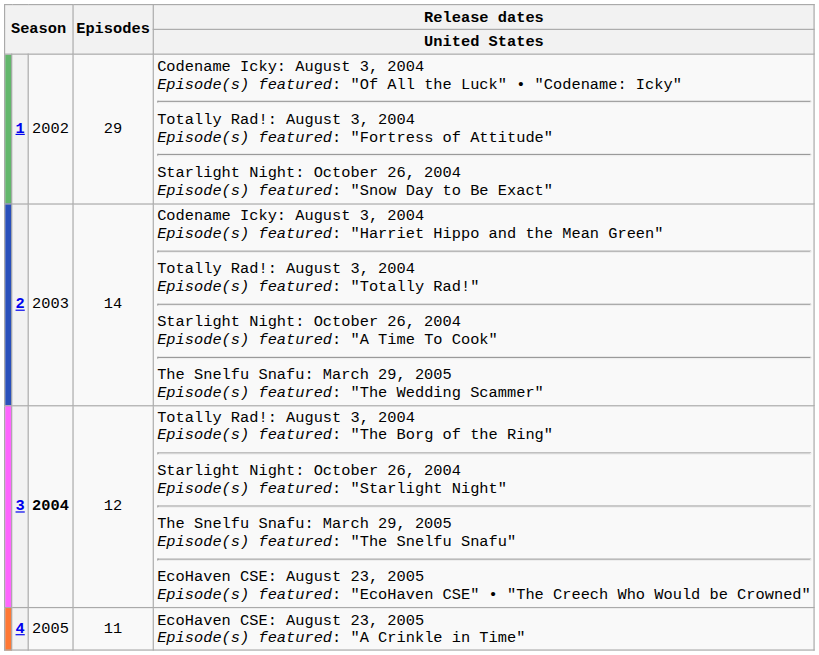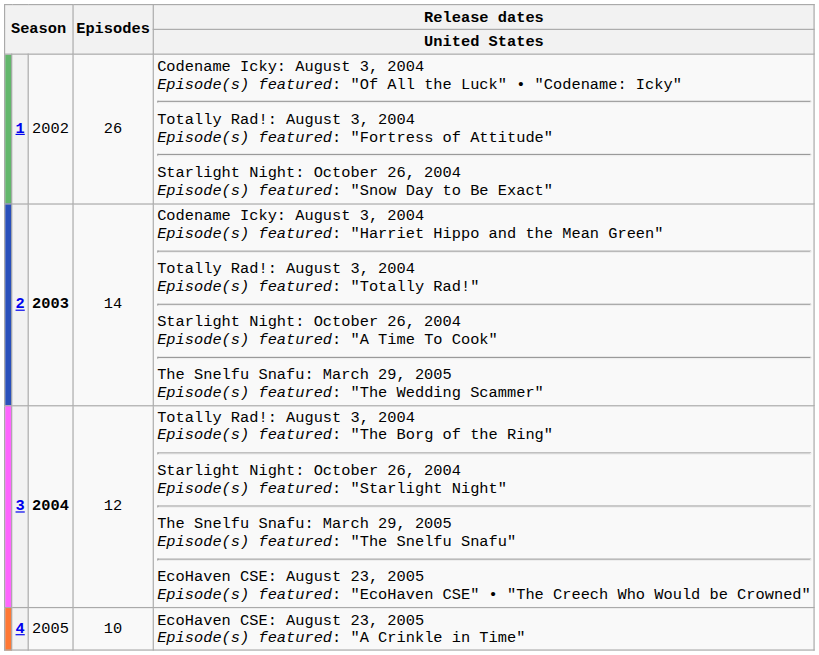 <table class="wikitable">
 <tr>
 <th colspan=3 rowspan=2>Season</th>
 <th rowspan=2>Episodes</th>
 <th colspan=3>Release dates</th>
 </tr>
 <tr>
 <th>United States</th>
 </tr>
 <tr>
 <th style="background:#63B76C"></th>
 <th><a href='#'>1</a></th>
 <td style="text-align: center">2002</td>
-<td style="text-align: center">29</td>
+<td style="text-align: center">26</td>
 <td>Codename Icky: August 3, 2004<br><em>Episode(s) featured</em>: "Of All the Luck" • "Codename: Icky"<hr>Totally Rad!: August 3, 2004<br><em>Episode(s) featured</em>: "Fortress of Attitude"<hr>Starlight Night: October 26, 2004<br><em>Episode(s) featured</em>: "Snow Day to Be Exact"</td>
 </tr>
 <tr>
 <th style="background:#2950BB"></th>
 <th><a href='#'>2</a></th>
-<td style="text-align: center">2003</td>
+<td style="text-align: center"><strong>2003</strong></td>
 <td style="text-align: center">14</td>
 <td>Codename Icky: August 3, 2004<br><em>Episode(s) featured</em>: "Harriet Hippo and the Mean Green"<hr>Totally Rad!: August 3, 2004<br><em>Episode(s) featured</em>: "Totally Rad!"<hr>Starlight Night: October 26, 2004<br><em>Episode(s) featured</em>: "A Time To Cook"<hr>The Snelfu Snafu: March 29, 2005<br><em>Episode(s) featured</em>: "The Wedding Scammer"</td>
 </tr>
 <tr>
 <th style="background:#FF66FF"></th>
 <th><a href='#'>3</a></th>
 <td style="text-align: center"><strong>2004</strong></td>
 <td style="text-align: center">12</td>
 <td>Totally Rad!: August 3, 2004<br><em>Episode(s) featured</em>: "The Borg of the Ring"<hr>Starlight Night: October 26, 2004<br><em>Episode(s) featured</em>: "Starlight Night"<hr>The Snelfu Snafu: March 29, 2005<br><em>Episode(s) featured</em>: "The Snelfu Snafu"<hr>EcoHaven CSE: August 23, 2005<br><em>Episode(s) featured</em>: "EcoHaven CSE" • "The Creech Who Would be Crowned"</td>
 </tr>
 <tr>
 <th style="background:#FF7834"></th>
 <th><a href='#'>4</a></th>
 <td style="text-align: center">2005</td>
-<td style="text-align: center">11</td>
+<td style="text-align: center">10</td>
 <td>EcoHaven CSE: August 23, 2005<br><em>Episode(s) featured</em>: "A Crinkle in Time"</td>
 </tr>
 </table>
